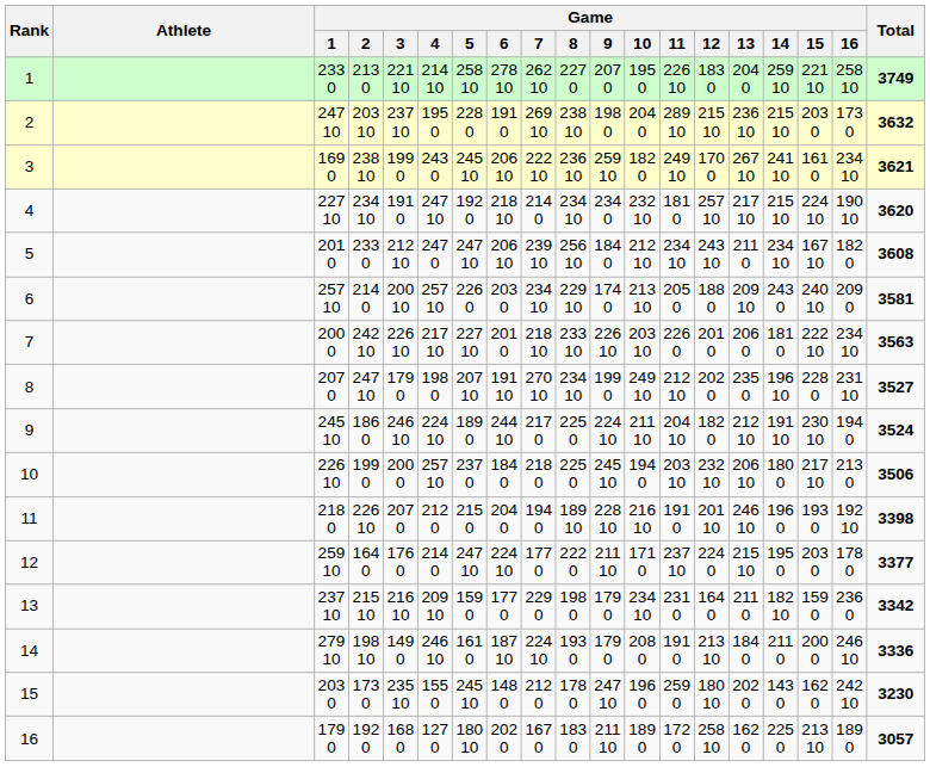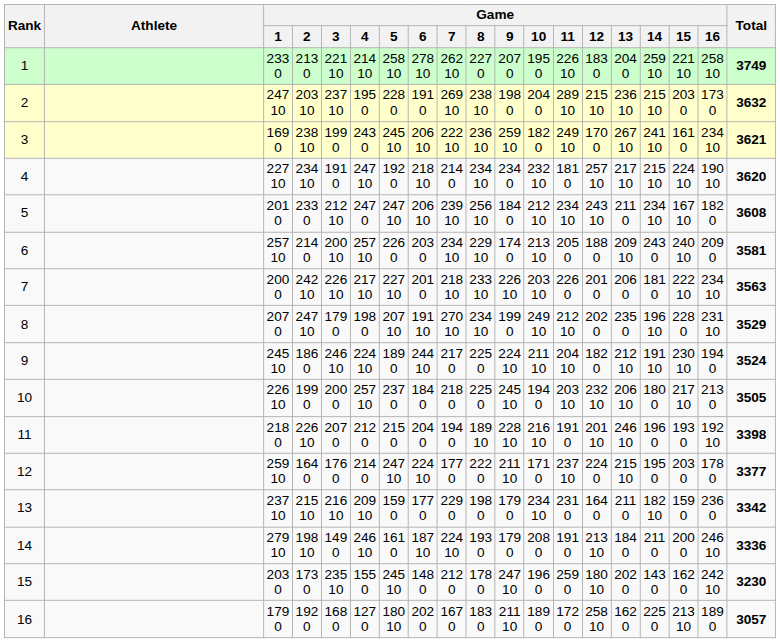 <table class=wikitable style="text-align:center">
 <tr>
 <th rowspan="2" width=40>Rank</th>
 <th rowspan="2" width=250>Athlete</th>
 <th colspan="16">Game</th>
 <th rowspan="2" width=50>Total</th>
 </tr>
 <tr>
 <th width=25>1</th>
 <th width=25>2</th>
 <th width=25>3</th>
 <th width=25>4</th>
 <th width=25>5</th>
 <th width=25>6</th>
 <th width=25>7</th>
 <th width=25>8</th>
 <th width=25>9</th>
 <th width=25>10</th>
 <th width=25>11</th>
 <th width=25>12</th>
 <th width=25>13</th>
 <th width=25>14</th>
 <th width=25>15</th>
 <th width=25>16</th>
 </tr>
 <tr bgcolor="#ccffcc">
 <td>1</td>
 <td align="left"></td>
 <td>233<br>0</td>
 <td>213<br>0</td>
 <td>221<br>10</td>
 <td>214<br>10</td>
 <td>258<br>10</td>
 <td>278<br>10</td>
 <td>262<br>10</td>
 <td>227<br>0</td>
 <td>207<br>0</td>
 <td>195<br>0</td>
 <td>226<br>10</td>
 <td>183<br>0</td>
 <td>204<br>0</td>
 <td>259<br>10</td>
 <td>221<br>10</td>
 <td>258<br>10</td>
 <td><strong>3749</strong></td>
 </tr>
 <tr bgcolor="#ffffcc">
 <td>2</td>
 <td align="left"></td>
 <td>247<br>10</td>
 <td>203<br>10</td>
 <td>237<br>10</td>
 <td>195<br>0</td>
 <td>228<br>0</td>
 <td>191<br>0</td>
 <td>269<br>10</td>
 <td>238<br>10</td>
 <td>198<br>0</td>
 <td>204<br>0</td>
 <td>289<br>10</td>
 <td>215<br>10</td>
 <td>236<br>10</td>
 <td>215<br>10</td>
 <td>203<br>0</td>
 <td>173<br>0</td>
 <td><strong>3632</strong></td>
 </tr>
 <tr bgcolor="#ffffcc">
 <td>3</td>
 <td align="left"></td>
 <td>169<br>0</td>
 <td>238<br>10</td>
 <td>199<br>0</td>
 <td>243<br>0</td>
 <td>245<br>10</td>
 <td>206<br>10</td>
 <td>222<br>10</td>
 <td>236<br>10</td>
 <td>259<br>10</td>
 <td>182<br>0</td>
 <td>249<br>10</td>
 <td>170<br>0</td>
 <td>267<br>10</td>
 <td>241<br>10</td>
 <td>161<br>0</td>
 <td>234<br>10</td>
 <td><strong>3621</strong></td>
 </tr>
 <tr>
 <td>4</td>
 <td align="left"></td>
 <td>227<br>10</td>
 <td>234<br>10</td>
 <td>191<br>0</td>
 <td>247<br>10</td>
 <td>192<br>0</td>
 <td>218<br>10</td>
 <td>214<br>0</td>
 <td>234<br>10</td>
 <td>234<br>0</td>
 <td>232<br>10</td>
 <td>181<br>0</td>
 <td>257<br>10</td>
 <td>217<br>10</td>
 <td>215<br>10</td>
 <td>224<br>10</td>
 <td>190<br>10</td>
 <td><strong>3620</strong></td>
 </tr>
 <tr>
 <td>5</td>
 <td align="left"></td>
 <td>201<br>0</td>
 <td>233<br>0</td>
 <td>212<br>10</td>
 <td>247<br>0</td>
 <td>247<br>10</td>
 <td>206<br>10</td>
 <td>239<br>10</td>
 <td>256<br>10</td>
 <td>184<br>0</td>
 <td>212<br>10</td>
 <td>234<br>10</td>
 <td>243<br>10</td>
 <td>211<br>0</td>
 <td>234<br>10</td>
 <td>167<br>10</td>
 <td>182<br>0</td>
 <td><strong>3608</strong></td>
 </tr>
 <tr>
 <td>6</td>
 <td align="left"></td>
 <td>257<br>10</td>
 <td>214<br>0</td>
 <td>200<br>10</td>
 <td>257<br>10</td>
 <td>226<br>0</td>
 <td>203<br>0</td>
 <td>234<br>10</td>
 <td>229<br>10</td>
 <td>174<br>0</td>
 <td>213<br>10</td>
 <td>205<br>0</td>
 <td>188<br>0</td>
 <td>209<br>10</td>
 <td>243<br>0</td>
 <td>240<br>10</td>
 <td>209<br>0</td>
 <td><strong>3581</strong></td>
 </tr>
 <tr>
 <td>7</td>
 <td align="left"></td>
 <td>200<br>0</td>
 <td>242<br>10</td>
 <td>226<br>10</td>
 <td>217<br>10</td>
 <td>227<br>10</td>
 <td>201<br>0</td>
 <td>218<br>10</td>
 <td>233<br>10</td>
 <td>226<br>10</td>
 <td>203<br>10</td>
 <td>226<br>0</td>
 <td>201<br>0</td>
 <td>206<br>0</td>
 <td>181<br>0</td>
 <td>222<br>10</td>
 <td>234<br>10</td>
 <td><strong>3563</strong></td>
 </tr>
 <tr>
 <td>8</td>
 <td align="left"></td>
 <td>207<br>0</td>
 <td>247<br>10</td>
 <td>179<br>0</td>
 <td>198<br>0</td>
 <td>207<br>10</td>
 <td>191<br>10</td>
 <td>270<br>10</td>
 <td>234<br>10</td>
 <td>199<br>0</td>
 <td>249<br>10</td>
 <td>212<br>10</td>
 <td>202<br>0</td>
 <td>235<br>0</td>
 <td>196<br>10</td>
 <td>228<br>0</td>
 <td>231<br>10</td>
-<td><strong>3527</strong></td>
+<td><strong>3529</strong></td>
 </tr>
 <tr>
 <td>9</td>
 <td align="left"></td>
 <td>245<br>10</td>
 <td>186<br>0</td>
 <td>246<br>10</td>
 <td>224<br>10</td>
 <td>189<br>0</td>
 <td>244<br>10</td>
 <td>217<br>0</td>
 <td>225<br>0</td>
 <td>224<br>10</td>
 <td>211<br>10</td>
 <td>204<br>10</td>
 <td>182<br>0</td>
 <td>212<br>10</td>
 <td>191<br>10</td>
 <td>230<br>10</td>
 <td>194<br>0</td>
 <td><strong>3524</strong></td>
 </tr>
 <tr>
 <td>10</td>
 <td align="left"></td>
 <td>226<br>10</td>
 <td>199<br>0</td>
 <td>200<br>0</td>
 <td>257<br>10</td>
 <td>237<br>0</td>
 <td>184<br>0</td>
 <td>218<br>0</td>
 <td>225<br>0</td>
 <td>245<br>10</td>
 <td>194<br>0</td>
 <td>203<br>10</td>
 <td>232<br>10</td>
 <td>206<br>10</td>
 <td>180<br>0</td>
 <td>217<br>10</td>
 <td>213<br>0</td>
-<td><strong>3506</strong></td>
+<td><strong>3505</strong></td>
 </tr>
 <tr>
 <td>11</td>
 <td align="left"></td>
 <td>218<br>0</td>
 <td>226<br>10</td>
 <td>207<br>0</td>
 <td>212<br>0</td>
 <td>215<br>0</td>
 <td>204<br>0</td>
 <td>194<br>0</td>
 <td>189<br>10</td>
 <td>228<br>10</td>
 <td>216<br>10</td>
 <td>191<br>0</td>
 <td>201<br>10</td>
 <td>246<br>10</td>
 <td>196<br>0</td>
 <td>193<br>0</td>
 <td>192<br>10</td>
 <td><strong>3398</strong></td>
 </tr>
 <tr>
 <td>12</td>
 <td align="left"></td>
 <td>259<br>10</td>
 <td>164<br>0</td>
 <td>176<br>0</td>
 <td>214<br>0</td>
 <td>247<br>10</td>
 <td>224<br>10</td>
 <td>177<br>0</td>
 <td>222<br>0</td>
 <td>211<br>10</td>
 <td>171<br>0</td>
 <td>237<br>10</td>
 <td>224<br>0</td>
 <td>215<br>10</td>
 <td>195<br>0</td>
 <td>203<br>0</td>
 <td>178<br>0</td>
 <td><strong>3377</strong></td>
 </tr>
 <tr>
 <td>13</td>
 <td align="left"></td>
 <td>237<br>10</td>
 <td>215<br>10</td>
 <td>216<br>10</td>
 <td>209<br>10</td>
 <td>159<br>0</td>
 <td>177<br>0</td>
 <td>229<br>0</td>
 <td>198<br>0</td>
 <td>179<br>0</td>
 <td>234<br>10</td>
 <td>231<br>0</td>
 <td>164<br>0</td>
 <td>211<br>0</td>
 <td>182<br>10</td>
 <td>159<br>0</td>
 <td>236<br>0</td>
 <td><strong>3342</strong></td>
 </tr>
 <tr>
 <td>14</td>
 <td align="left"></td>
 <td>279<br>10</td>
 <td>198<br>10</td>
 <td>149<br>0</td>
 <td>246<br>10</td>
 <td>161<br>0</td>
 <td>187<br>10</td>
 <td>224<br>10</td>
 <td>193<br>0</td>
 <td>179<br>0</td>
 <td>208<br>0</td>
 <td>191<br>0</td>
 <td>213<br>10</td>
 <td>184<br>0</td>
 <td>211<br>0</td>
 <td>200<br>0</td>
 <td>246<br>10</td>
 <td><strong>3336</strong></td>
 </tr>
 <tr>
 <td>15</td>
 <td align="left"></td>
 <td>203<br>0</td>
 <td>173<br>0</td>
 <td>235<br>10</td>
 <td>155<br>0</td>
 <td>245<br>10</td>
 <td>148<br>0</td>
 <td>212<br>0</td>
 <td>178<br>0</td>
 <td>247<br>10</td>
 <td>196<br>0</td>
 <td>259<br>0</td>
 <td>180<br>10</td>
 <td>202<br>0</td>
 <td>143<br>0</td>
 <td>162<br>0</td>
 <td>242<br>10</td>
 <td><strong>3230</strong></td>
 </tr>
 <tr>
 <td>16</td>
 <td align="left"></td>
 <td>179<br>0</td>
 <td>192<br>0</td>
 <td>168<br>0</td>
 <td>127<br>0</td>
 <td>180<br>10</td>
 <td>202<br>0</td>
 <td>167<br>0</td>
 <td>183<br>0</td>
 <td>211<br>10</td>
 <td>189<br>0</td>
 <td>172<br>0</td>
 <td>258<br>10</td>
 <td>162<br>0</td>
 <td>225<br>0</td>
 <td>213<br>10</td>
 <td>189<br>0</td>
 <td><strong>3057</strong></td>
 </tr>
 </table>
